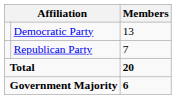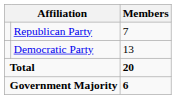 <table class="wikitable">
 <tr>
 <th colspan="2">Affiliation</th>
 <th>Members</th>
 </tr>
 <tr>
 <td style="background-color:"></td>
-<td><a href='#'>Democratic Party</a></td>
-<td>13</td>
+<td><a href='#'>Republican Party</a></td>
+<td>7</td>
 </tr>
 <tr>
 <td style="background-color:"></td>
-<td><a href='#'>Republican Party</a></td>
-<td>7</td>
+<td><a href='#'>Democratic Party</a></td>
+<td>13</td>
 </tr>
 <tr>
 <td colspan=2> <strong>Total</strong></td>
 <td><strong>20</strong></td>
 </tr>
 <tr>
 <td colspan=2> <strong>Government Majority</strong></td>
 <td><strong>6</strong></td>
 </tr>
 </table>
